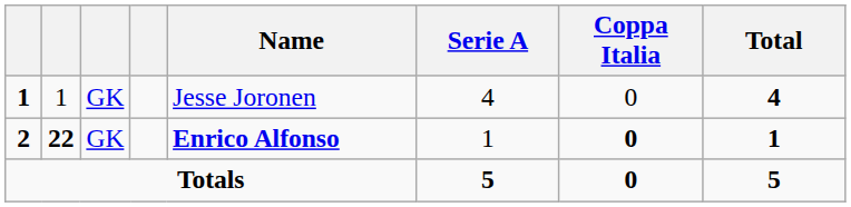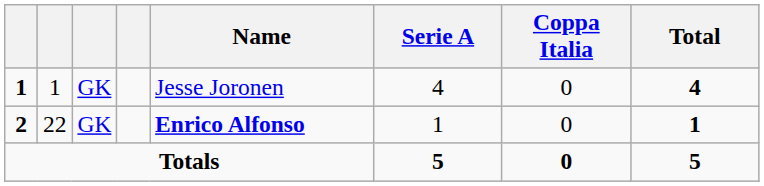 <table class="wikitable" style="text-align:center">
 <tr>
 <th width=15></th>
 <th width=15></th>
 <th width=15></th>
 <th width=15></th>
 <th width=145>Name</th>
 <th width=80><strong><a href='#'>Serie A</a></strong></th>
 <th width=80><strong><a href='#'>Coppa Italia</a></strong></th>
 <th width=80>Total</th>
 </tr>
 <tr>
 <td><strong>1</strong></td>
 <td>1</td>
 <td><a href='#'>GK</a></td>
 <td></td>
 <td align=left><a href='#'>Jesse Joronen</a></td>
 <td>4</td>
 <td>0</td>
 <td><strong>4</strong></td>
 </tr>
 <tr>
 <td><strong>2</strong></td>
-<td><strong>22</strong></td>
+<td>22</td>
 <td><a href='#'>GK</a></td>
 <td></td>
 <td align=left><strong><a href='#'>Enrico Alfonso</a></strong></td>
 <td>1</td>
-<td><strong>0</strong></td>
+<td>0</td>
 <td><strong>1</strong></td>
 </tr>
 <tr>
 <td colspan=5><strong>Totals</strong></td>
 <td><strong>5</strong></td>
 <td><strong>0</strong></td>
 <td><strong>5</strong></td>
 </tr>
 </table>
